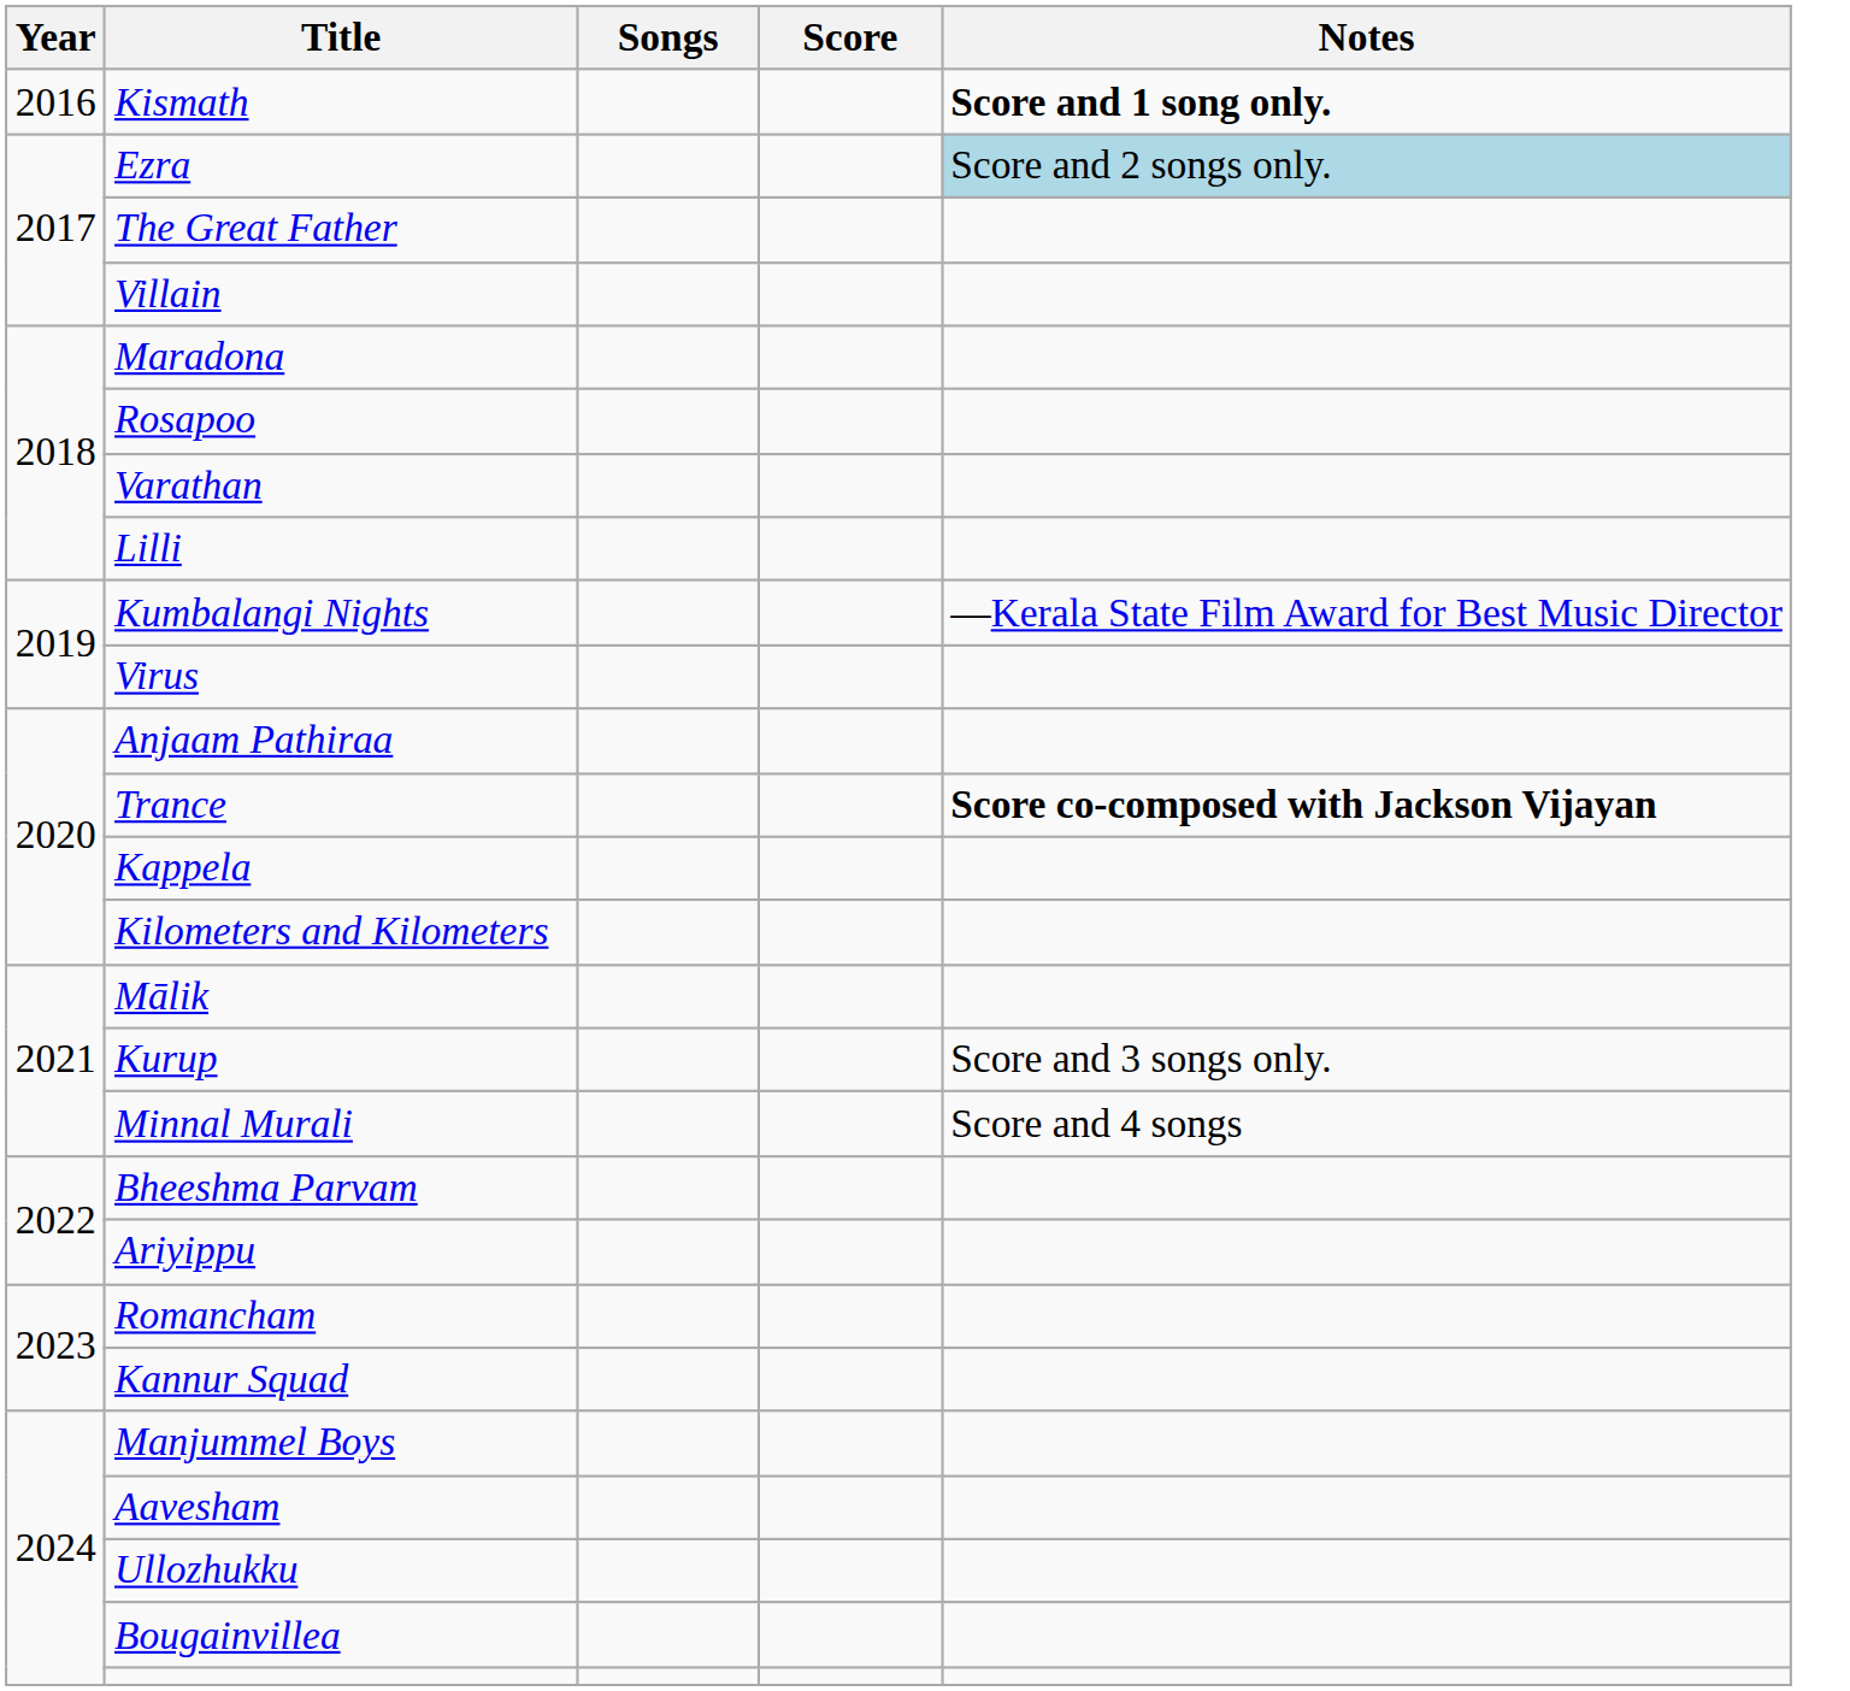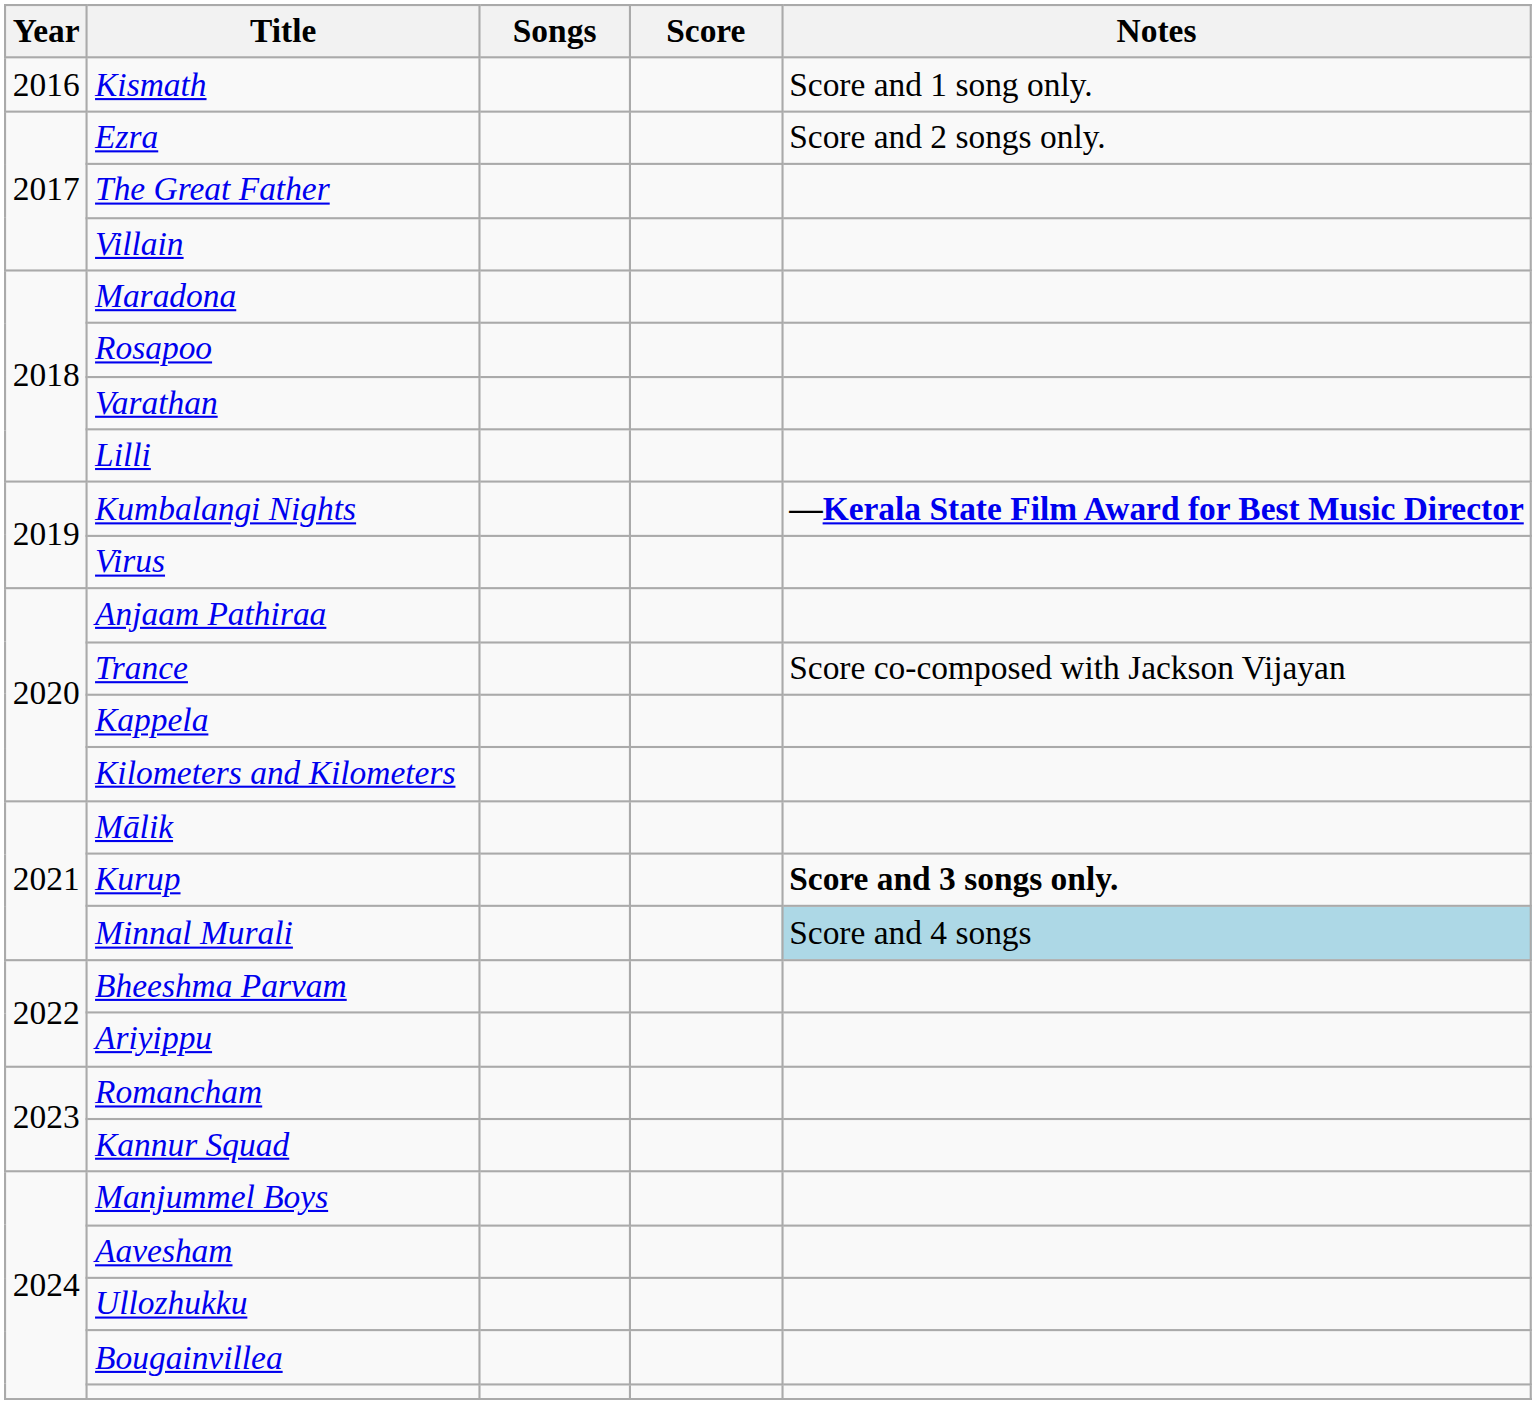 <table class="wikitable sortable">
 <tr>
 <th width=30 scope="col">Year</th>
 <th width=180 scope="col">Title</th>
 <th width=65 scope="col">Songs</th>
 <th width=65 scope="col">Score</th>
 <th class="unsortable" scope="col" class="unsortable">Notes</th>
 </tr>
 <tr>
 <td rowspan="">2016</td>
 <td><em><a href='#'>Kismath</a></em></td>
 <td></td>
 <td></td>
-<td><strong>Score and 1 song only.</strong></td>
+<td>Score and 1 song only.</td>
 </tr>
 <tr>
 <td rowspan="3">2017</td>
 <td><em><a href='#'>Ezra</a></em></td>
 <td></td>
 <td></td>
-<td style="background: lightblue;">Score and 2 songs only.</td>
+<td>Score and 2 songs only.</td>
 </tr>
 <tr>
 <td><em><a href='#'>The Great Father</a></em></td>
 <td></td>
 <td></td>
 <td></td>
 </tr>
 <tr>
 <td><em><a href='#'>Villain</a></em></td>
 <td></td>
 <td></td>
 <td></td>
 </tr>
 <tr>
 <td rowspan="4">2018</td>
 <td><em><a href='#'>Maradona</a></em></td>
 <td></td>
 <td></td>
 <td></td>
 </tr>
 <tr>
 <td><em><a href='#'>Rosapoo</a></em></td>
 <td></td>
 <td></td>
 <td></td>
 </tr>
 <tr>
 <td><em><a href='#'>Varathan</a></em></td>
 <td></td>
 <td></td>
 <td></td>
 </tr>
 <tr>
 <td><em><a href='#'>Lilli</a></em></td>
 <td></td>
 <td></td>
 <td></td>
 </tr>
 <tr>
 <td rowspan="2">2019</td>
 <td><em><a href='#'>Kumbalangi Nights</a></em></td>
 <td></td>
 <td></td>
-<td>—<a href='#'>Kerala State Film Award for Best Music Director</a></td>
+<td><strong>—<a href='#'>Kerala State Film Award for Best Music Director</a></strong></td>
 </tr>
 <tr>
 <td><em><a href='#'>Virus</a></em></td>
 <td></td>
 <td></td>
 <td></td>
 </tr>
 <tr>
 <td rowspan="4">2020</td>
 <td><em><a href='#'>Anjaam Pathiraa</a></em></td>
 <td></td>
 <td></td>
 <td></td>
 </tr>
 <tr>
 <td><em><a href='#'>Trance</a></em></td>
 <td></td>
 <td></td>
-<td><strong>Score co-composed with Jackson Vijayan</strong></td>
+<td>Score co-composed with Jackson Vijayan</td>
 </tr>
 <tr>
 <td><em><a href='#'>Kappela</a></em></td>
 <td></td>
 <td></td>
 <td></td>
 </tr>
 <tr>
 <td><em><a href='#'>Kilometers and Kilometers</a></em></td>
 <td></td>
 <td></td>
 <td></td>
 </tr>
 <tr>
 <td rowspan="3">2021</td>
 <td><em><a href='#'>Mālik</a></em></td>
 <td></td>
 <td></td>
 <td></td>
 </tr>
 <tr>
 <td><em><a href='#'>Kurup</a></em></td>
 <td></td>
 <td></td>
-<td>Score and 3 songs only.</td>
+<td><strong>Score and 3 songs only.</strong></td>
 </tr>
 <tr>
 <td><em><a href='#'>Minnal Murali</a></em></td>
 <td></td>
 <td></td>
-<td>Score and 4 songs</td>
+<td style="background: lightblue;">Score and 4 songs</td>
 </tr>
 <tr>
 <td rowspan="2">2022</td>
 <td><em><a href='#'>Bheeshma Parvam</a></em></td>
 <td></td>
 <td></td>
 <td></td>
 </tr>
 <tr>
 <td><em><a href='#'>Ariyippu</a></em></td>
 <td></td>
 <td></td>
 <td></td>
 </tr>
 <tr>
 <td rowspan="2">2023</td>
 <td><em><a href='#'>Romancham</a></em></td>
 <td></td>
 <td></td>
 <td></td>
 </tr>
 <tr>
 <td><em><a href='#'>Kannur Squad</a></em></td>
 <td></td>
 <td></td>
 <td></td>
 </tr>
 <tr>
 <td rowspan=7>2024</td>
 <td><em><a href='#'>Manjummel Boys</a></em></td>
 <td></td>
 <td></td>
 <td></td>
 </tr>
 <tr>
 <td><em><a href='#'>Aavesham</a></em></td>
 <td></td>
 <td></td>
 <td></td>
 </tr>
 <tr>
 <td><em><a href='#'>Ullozhukku</a></em></td>
 <td></td>
 <td></td>
 <td></td>
 </tr>
 <tr>
 <td><em><a href='#'>Bougainvillea</a></em></td>
 <td></td>
 <td></td>
 <td></td>
 </tr>
 <tr>
 <td></td>
 <td></td>
 <td></td>
 <td></td>
 </tr>
 <tr>
 </tr>
 </table>
